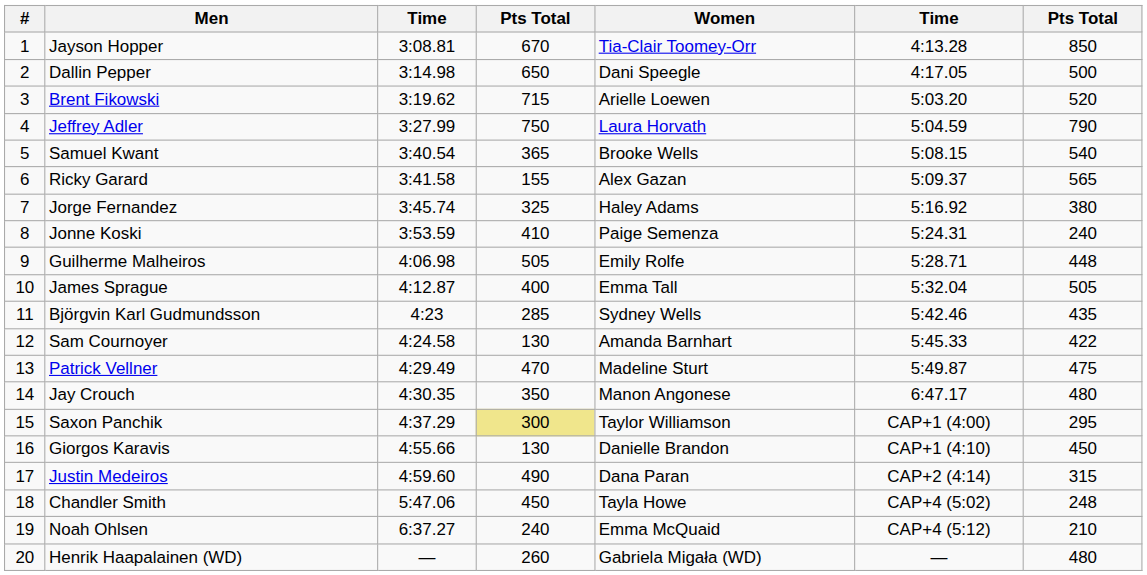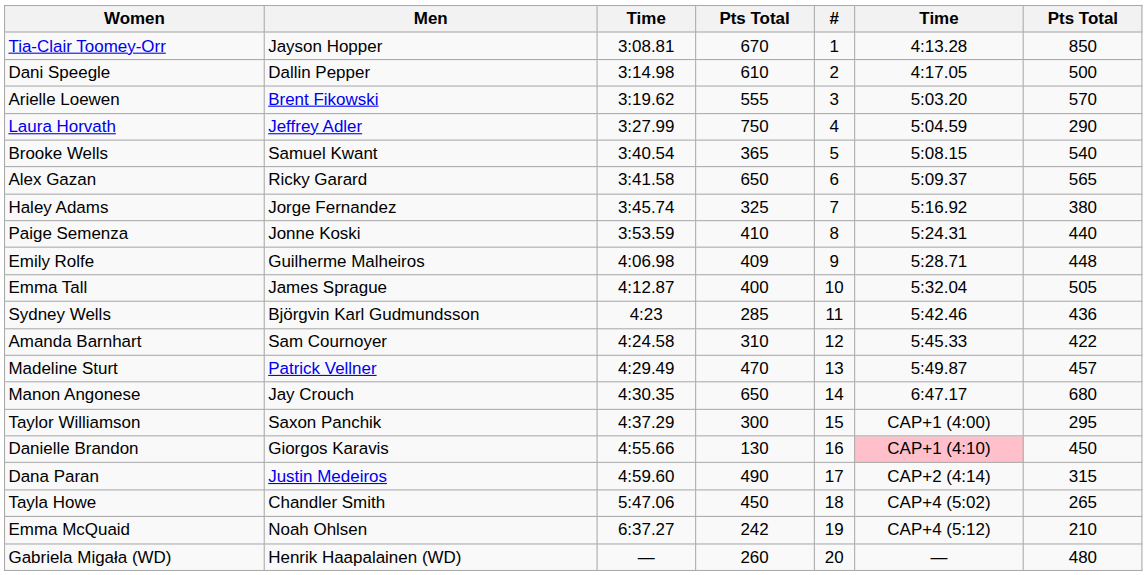 <table class="wikitable sortable" style="display: inline-table;width: 85%; text-align:center">
 <tr>
-<th>#</th>
+<th>Women</th>
 <th>Men</th>
 <th>Time</th>
 <th>Pts Total</th>
-<th>Women</th>
+<th>#</th>
 <th>Time</th>
 <th>Pts Total</th>
 </tr>
 <tr>
-<td>1</td>
+<td align=left> <a href='#'>Tia-Clair Toomey-Orr</a></td>
 <td align=left> Jayson Hopper</td>
 <td>3:08.81</td>
 <td>670</td>
-<td align=left> <a href='#'>Tia-Clair Toomey-Orr</a></td>
+<td>1</td>
 <td>4:13.28</td>
 <td>850</td>
 </tr>
 <tr>
-<td>2</td>
+<td align=left> Dani Speegle</td>
 <td align=left> Dallin Pepper</td>
 <td>3:14.98</td>
-<td>650</td>
-<td align=left> Dani Speegle</td>
+<td>610</td>
+<td>2</td>
 <td>4:17.05</td>
 <td>500</td>
 </tr>
 <tr>
-<td>3</td>
+<td align=left> Arielle Loewen</td>
 <td align=left> <a href='#'>Brent Fikowski</a></td>
 <td>3:19.62</td>
-<td>715</td>
-<td align=left> Arielle Loewen</td>
+<td>555</td>
+<td>3</td>
 <td>5:03.20</td>
-<td>520</td>
+<td>570</td>
 </tr>
 <tr>
-<td>4</td>
+<td align=left> <a href='#'>Laura Horvath</a></td>
 <td align=left> <a href='#'>Jeffrey Adler</a></td>
 <td>3:27.99</td>
 <td>750</td>
-<td align=left> <a href='#'>Laura Horvath</a></td>
+<td>4</td>
 <td>5:04.59</td>
-<td>790</td>
+<td>290</td>
 </tr>
 <tr>
-<td>5</td>
+<td align=left> Brooke Wells</td>
 <td align=left> Samuel Kwant</td>
 <td>3:40.54</td>
 <td>365</td>
-<td align=left> Brooke Wells</td>
+<td>5</td>
 <td>5:08.15</td>
 <td>540</td>
 </tr>
 <tr>
-<td>6</td>
+<td align=left> Alex Gazan</td>
 <td align=left> Ricky Garard</td>
 <td>3:41.58</td>
-<td>155</td>
-<td align=left> Alex Gazan</td>
+<td>650</td>
+<td>6</td>
 <td>5:09.37</td>
 <td>565</td>
 </tr>
 <tr>
-<td>7</td>
+<td align=left> Haley Adams</td>
 <td align=left> Jorge Fernandez</td>
 <td>3:45.74</td>
 <td>325</td>
-<td align=left> Haley Adams</td>
+<td>7</td>
 <td>5:16.92</td>
 <td>380</td>
 </tr>
 <tr>
-<td>8</td>
+<td align=left> Paige Semenza</td>
 <td align=left> Jonne Koski</td>
 <td>3:53.59</td>
 <td>410</td>
-<td align=left> Paige Semenza</td>
+<td>8</td>
 <td>5:24.31</td>
-<td>240</td>
+<td>440</td>
 </tr>
 <tr>
-<td>9</td>
+<td align=left> Emily Rolfe</td>
 <td align=left> Guilherme Malheiros</td>
 <td>4:06.98</td>
-<td>505</td>
-<td align=left> Emily Rolfe</td>
+<td>409</td>
+<td>9</td>
 <td>5:28.71</td>
 <td>448</td>
 </tr>
 <tr>
-<td>10</td>
+<td align=left> Emma Tall</td>
 <td align=left> James Sprague</td>
 <td>4:12.87</td>
 <td>400</td>
-<td align=left> Emma Tall</td>
+<td>10</td>
 <td>5:32.04</td>
 <td>505</td>
 </tr>
 <tr>
-<td>11</td>
+<td align=left> Sydney Wells</td>
 <td align=left> Björgvin Karl Gudmundsson</td>
 <td>4:23</td>
 <td>285</td>
-<td align=left> Sydney Wells</td>
+<td>11</td>
 <td>5:42.46</td>
-<td>435</td>
+<td>436</td>
 </tr>
 <tr>
-<td>12</td>
+<td align=left> Amanda Barnhart</td>
 <td align=left> Sam Cournoyer</td>
 <td>4:24.58</td>
-<td>130</td>
-<td align=left> Amanda Barnhart</td>
+<td>310</td>
+<td>12</td>
 <td>5:45.33</td>
 <td>422</td>
 </tr>
 <tr>
-<td>13</td>
+<td align=left> Madeline Sturt</td>
 <td align=left> <a href='#'>Patrick Vellner</a></td>
 <td>4:29.49</td>
 <td>470</td>
-<td align=left> Madeline Sturt</td>
+<td>13</td>
 <td>5:49.87</td>
-<td>475</td>
+<td>457</td>
 </tr>
 <tr>
-<td>14</td>
+<td align=left> Manon Angonese</td>
 <td align=left> Jay Crouch</td>
 <td>4:30.35</td>
-<td>350</td>
-<td align=left> Manon Angonese</td>
+<td>650</td>
+<td>14</td>
 <td>6:47.17</td>
-<td>480</td>
+<td>680</td>
 </tr>
 <tr>
-<td>15</td>
+<td align=left> Taylor Williamson</td>
 <td align=left> Saxon Panchik</td>
 <td>4:37.29</td>
-<td style="background: khaki;">300</td>
-<td align=left> Taylor Williamson</td>
+<td>300</td>
+<td>15</td>
 <td>CAP+1 (4:00)</td>
 <td>295</td>
 </tr>
 <tr>
-<td>16</td>
+<td align=left> Danielle Brandon</td>
 <td align=left> Giorgos Karavis</td>
 <td>4:55.66</td>
 <td>130</td>
-<td align=left> Danielle Brandon</td>
-<td>CAP+1 (4:10)</td>
+<td>16</td>
+<td style="background: pink;">CAP+1 (4:10)</td>
 <td>450</td>
 </tr>
 <tr>
-<td>17</td>
+<td align=left> Dana Paran</td>
 <td align=left> <a href='#'>Justin Medeiros</a></td>
 <td>4:59.60</td>
 <td>490</td>
-<td align=left> Dana Paran</td>
+<td>17</td>
 <td>CAP+2 (4:14)</td>
 <td>315</td>
 </tr>
 <tr>
-<td>18</td>
+<td align=left> Tayla Howe</td>
 <td align=left> Chandler Smith</td>
 <td>5:47.06</td>
 <td>450</td>
-<td align=left> Tayla Howe</td>
+<td>18</td>
 <td>CAP+4 (5:02)</td>
-<td>248</td>
+<td>265</td>
 </tr>
 <tr>
-<td>19</td>
+<td align=left> Emma McQuaid</td>
 <td align=left> Noah Ohlsen</td>
 <td>6:37.27</td>
-<td>240</td>
-<td align=left> Emma McQuaid</td>
+<td>242</td>
+<td>19</td>
 <td>CAP+4 (5:12)</td>
 <td>210</td>
 </tr>
 <tr>
-<td>20</td>
+<td align=left> Gabriela Migała (WD)</td>
 <td align=left> Henrik Haapalainen (WD)</td>
 <td>—</td>
 <td>260</td>
-<td align=left> Gabriela Migała (WD)</td>
+<td>20</td>
 <td>—</td>
 <td>480</td>
 </tr>
 </table>
